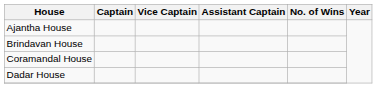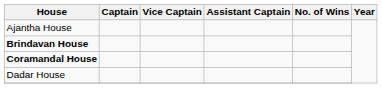 <table class="wikitable">
 <tr>
 <th>House</th>
 <th>Captain</th>
 <th>Vice Captain</th>
 <th>Assistant Captain</th>
 <th>No. of Wins</th>
 <th>Year</th>
 </tr>
 <tr>
 <td>Ajantha House</td>
 <td></td>
 <td></td>
 <td></td>
 <td></td>
 </tr>
 <tr>
-<td>Brindavan House</td>
+<td><strong>Brindavan House</strong></td>
 <td></td>
 <td></td>
 <td></td>
 <td></td>
 </tr>
 <tr>
-<td>Coramandal House</td>
+<td><strong>Coramandal House</strong></td>
 <td></td>
 <td></td>
 <td></td>
 <td></td>
 </tr>
 <tr>
 <td>Dadar House</td>
 <td></td>
 <td></td>
 <td></td>
 <td></td>
 </tr>
 <tr>
 </tr>
 </table>
